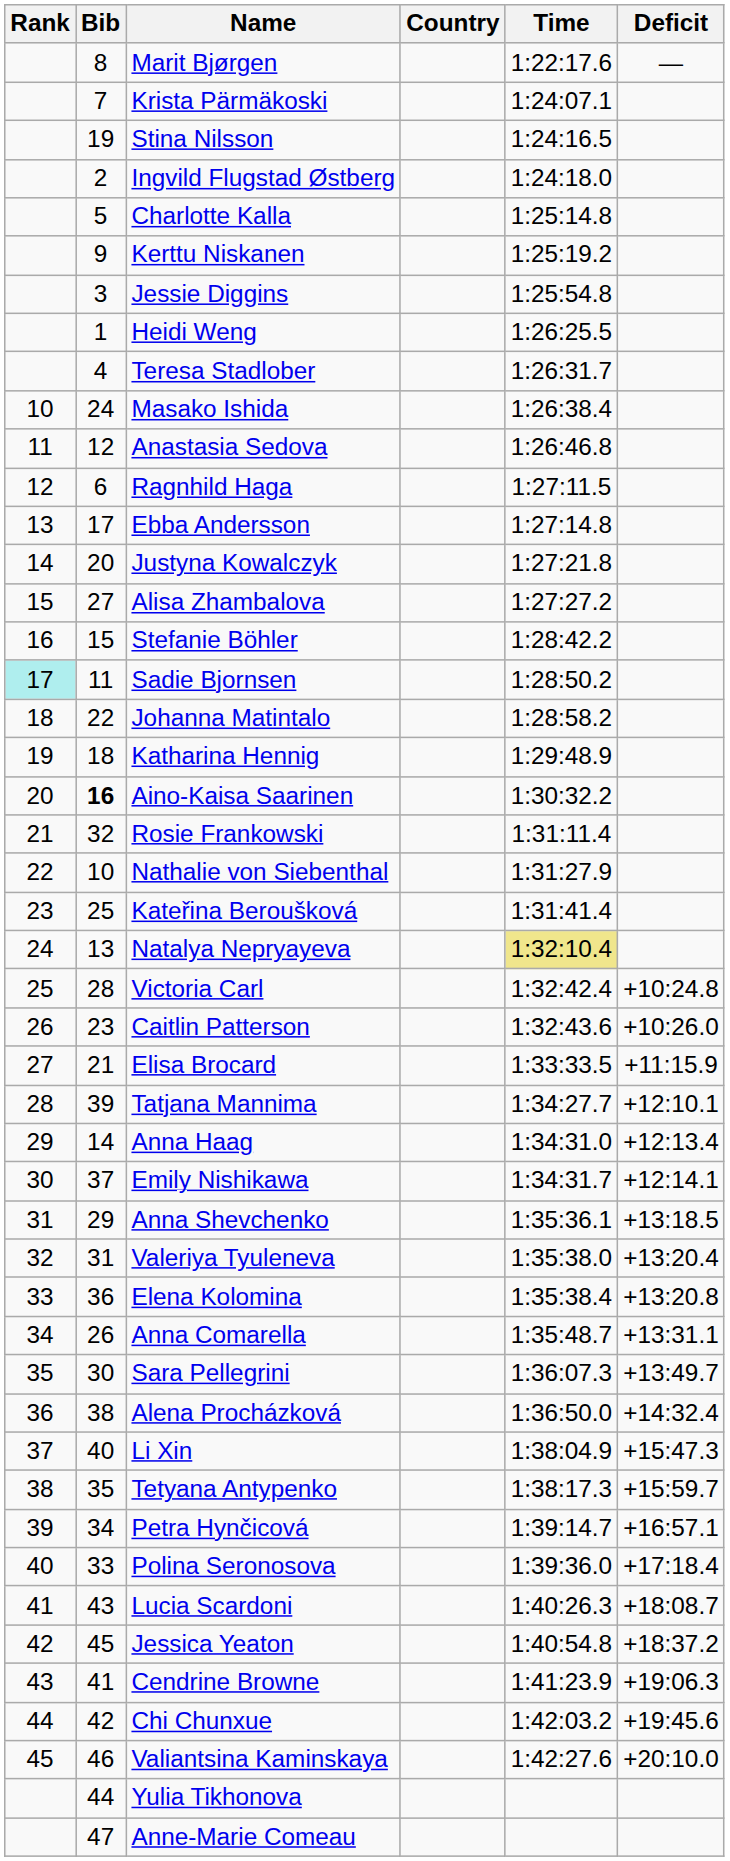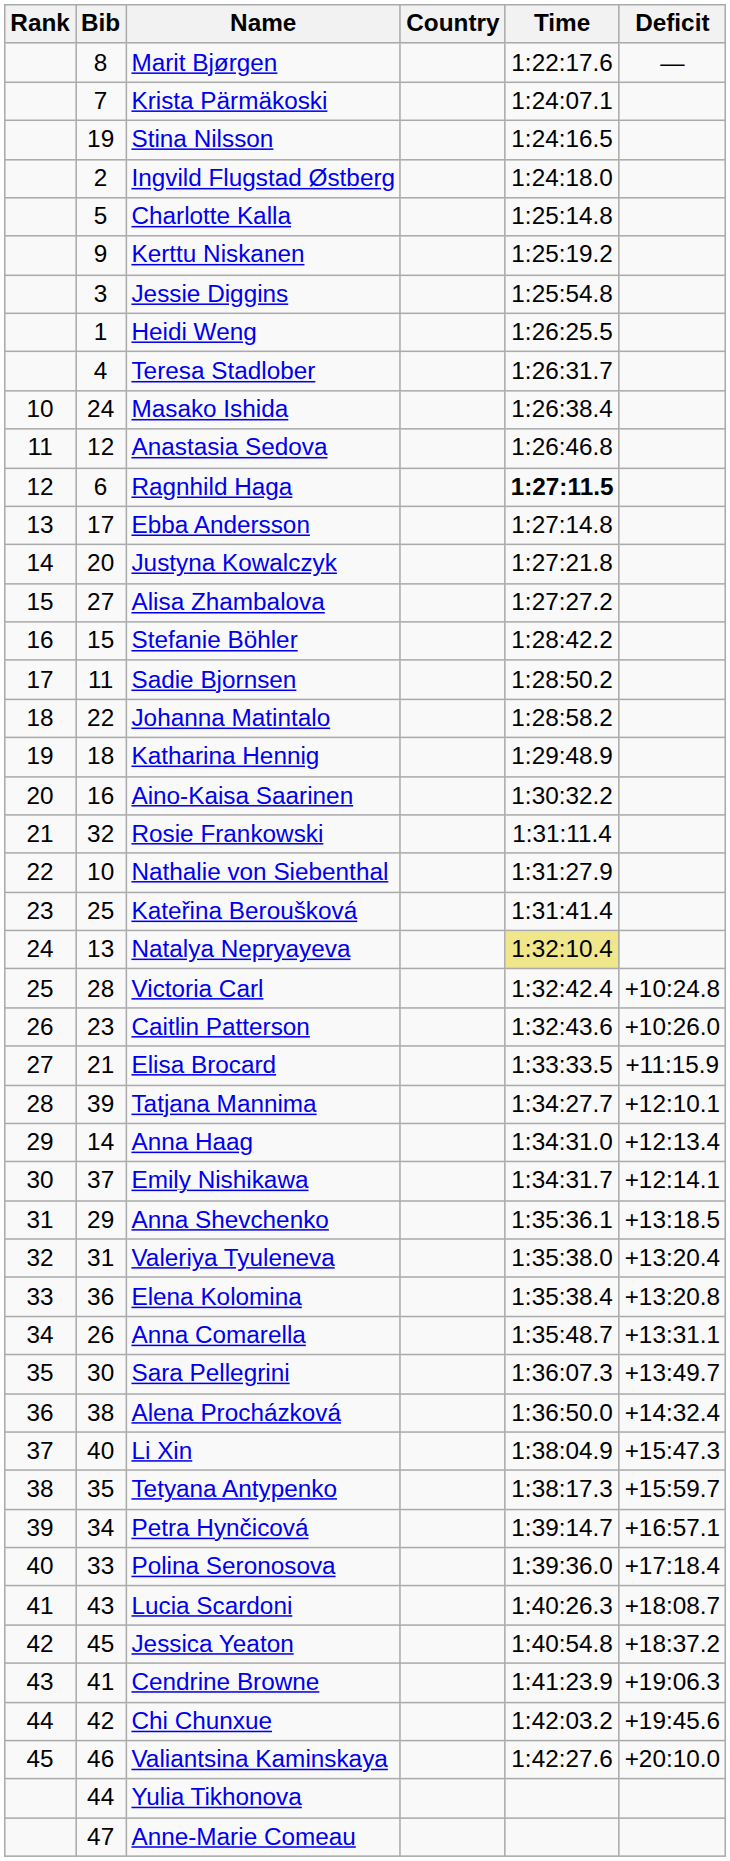 <table class="wikitable sortable" style="text-align:center">
 <tr>
 <th>Rank</th>
 <th>Bib</th>
 <th>Name</th>
 <th>Country</th>
 <th>Time</th>
 <th>Deficit</th>
 </tr>
 <tr>
 <td></td>
 <td>8</td>
 <td align="left"><a href='#'>Marit Bjørgen</a></td>
 <td align="left"></td>
 <td>1:22:17.6</td>
 <td>—</td>
 </tr>
 <tr>
 <td></td>
 <td>7</td>
 <td align="left"><a href='#'>Krista Pärmäkoski</a></td>
 <td align="left"></td>
 <td>1:24:07.1</td>
 <td></td>
 </tr>
 <tr>
 <td></td>
 <td>19</td>
 <td align="left"><a href='#'>Stina Nilsson</a></td>
 <td align="left"></td>
 <td>1:24:16.5</td>
 <td></td>
 </tr>
 <tr>
 <td></td>
 <td>2</td>
 <td align="left"><a href='#'>Ingvild Flugstad Østberg</a></td>
 <td align="left"></td>
 <td>1:24:18.0</td>
 <td></td>
 </tr>
 <tr>
 <td></td>
 <td>5</td>
 <td align="left"><a href='#'>Charlotte Kalla</a></td>
 <td align="left"></td>
 <td>1:25:14.8</td>
 <td></td>
 </tr>
 <tr>
 <td></td>
 <td>9</td>
 <td align="left"><a href='#'>Kerttu Niskanen</a></td>
 <td align="left"></td>
 <td>1:25:19.2</td>
 <td></td>
 </tr>
 <tr>
 <td></td>
 <td>3</td>
 <td align="left"><a href='#'>Jessie Diggins</a></td>
 <td align="left"></td>
 <td>1:25:54.8</td>
 <td></td>
 </tr>
 <tr>
 <td></td>
 <td>1</td>
 <td align="left"><a href='#'>Heidi Weng</a></td>
 <td align="left"></td>
 <td>1:26:25.5</td>
 <td></td>
 </tr>
 <tr>
 <td></td>
 <td>4</td>
 <td align="left"><a href='#'>Teresa Stadlober</a></td>
 <td align="left"></td>
 <td>1:26:31.7</td>
 <td></td>
 </tr>
 <tr>
 <td>10</td>
 <td>24</td>
 <td align="left"><a href='#'>Masako Ishida</a></td>
 <td align="left"></td>
 <td>1:26:38.4</td>
 <td></td>
 </tr>
 <tr>
 <td>11</td>
 <td>12</td>
 <td align="left"><a href='#'>Anastasia Sedova</a></td>
 <td align="left"></td>
 <td>1:26:46.8</td>
 <td></td>
 </tr>
 <tr>
 <td>12</td>
 <td>6</td>
 <td align="left"><a href='#'>Ragnhild Haga</a></td>
 <td align="left"></td>
-<td>1:27:11.5</td>
+<td><strong>1:27:11.5</strong></td>
 <td></td>
 </tr>
 <tr>
 <td>13</td>
 <td>17</td>
 <td align="left"><a href='#'>Ebba Andersson</a></td>
 <td align="left"></td>
 <td>1:27:14.8</td>
 <td></td>
 </tr>
 <tr>
 <td>14</td>
 <td>20</td>
 <td align="left"><a href='#'>Justyna Kowalczyk</a></td>
 <td align="left"></td>
 <td>1:27:21.8</td>
 <td></td>
 </tr>
 <tr>
 <td>15</td>
 <td>27</td>
 <td align="left"><a href='#'>Alisa Zhambalova</a></td>
 <td align="left"></td>
 <td>1:27:27.2</td>
 <td></td>
 </tr>
 <tr>
 <td>16</td>
 <td>15</td>
 <td align="left"><a href='#'>Stefanie Böhler</a></td>
 <td align="left"></td>
 <td>1:28:42.2</td>
 <td></td>
 </tr>
 <tr>
-<td style="background: paleturquoise;">17</td>
+<td>17</td>
 <td>11</td>
 <td align="left"><a href='#'>Sadie Bjornsen</a></td>
 <td align="left"></td>
 <td>1:28:50.2</td>
 <td></td>
 </tr>
 <tr>
 <td>18</td>
 <td>22</td>
 <td align="left"><a href='#'>Johanna Matintalo</a></td>
 <td align="left"></td>
 <td>1:28:58.2</td>
 <td></td>
 </tr>
 <tr>
 <td>19</td>
 <td>18</td>
 <td align="left"><a href='#'>Katharina Hennig</a></td>
 <td align="left"></td>
 <td>1:29:48.9</td>
 <td></td>
 </tr>
 <tr>
 <td>20</td>
-<td><strong>16</strong></td>
+<td>16</td>
 <td align="left"><a href='#'>Aino-Kaisa Saarinen</a></td>
 <td align="left"></td>
 <td>1:30:32.2</td>
 <td></td>
 </tr>
 <tr>
 <td>21</td>
 <td>32</td>
 <td align="left"><a href='#'>Rosie Frankowski</a></td>
 <td align="left"></td>
 <td>1:31:11.4</td>
 <td></td>
 </tr>
 <tr>
 <td>22</td>
 <td>10</td>
 <td align="left"><a href='#'>Nathalie von Siebenthal</a></td>
 <td align="left"></td>
 <td>1:31:27.9</td>
 <td></td>
 </tr>
 <tr>
 <td>23</td>
 <td>25</td>
 <td align="left"><a href='#'>Kateřina Beroušková</a></td>
 <td align="left"></td>
 <td>1:31:41.4</td>
 <td></td>
 </tr>
 <tr>
 <td>24</td>
 <td>13</td>
 <td align="left"><a href='#'>Natalya Nepryayeva</a></td>
 <td align="left"></td>
 <td style="background: khaki;">1:32:10.4</td>
 <td></td>
 </tr>
 <tr>
 <td>25</td>
 <td>28</td>
 <td align="left"><a href='#'>Victoria Carl</a></td>
 <td align="left"></td>
 <td>1:32:42.4</td>
 <td>+10:24.8</td>
 </tr>
 <tr>
 <td>26</td>
 <td>23</td>
 <td align="left"><a href='#'>Caitlin Patterson</a></td>
 <td align="left"></td>
 <td>1:32:43.6</td>
 <td>+10:26.0</td>
 </tr>
 <tr>
 <td>27</td>
 <td>21</td>
 <td align="left"><a href='#'>Elisa Brocard</a></td>
 <td align="left"></td>
 <td>1:33:33.5</td>
 <td>+11:15.9</td>
 </tr>
 <tr>
 <td>28</td>
 <td>39</td>
 <td align="left"><a href='#'>Tatjana Mannima</a></td>
 <td align="left"></td>
 <td>1:34:27.7</td>
 <td>+12:10.1</td>
 </tr>
 <tr>
 <td>29</td>
 <td>14</td>
 <td align="left"><a href='#'>Anna Haag</a></td>
 <td align="left"></td>
 <td>1:34:31.0</td>
 <td>+12:13.4</td>
 </tr>
 <tr>
 <td>30</td>
 <td>37</td>
 <td align="left"><a href='#'>Emily Nishikawa</a></td>
 <td align="left"></td>
 <td>1:34:31.7</td>
 <td>+12:14.1</td>
 </tr>
 <tr>
 <td>31</td>
 <td>29</td>
 <td align="left"><a href='#'>Anna Shevchenko</a></td>
 <td align="left"></td>
 <td>1:35:36.1</td>
 <td>+13:18.5</td>
 </tr>
 <tr>
 <td>32</td>
 <td>31</td>
 <td align="left"><a href='#'>Valeriya Tyuleneva</a></td>
 <td align="left"></td>
 <td>1:35:38.0</td>
 <td>+13:20.4</td>
 </tr>
 <tr>
 <td>33</td>
 <td>36</td>
 <td align="left"><a href='#'>Elena Kolomina</a></td>
 <td align="left"></td>
 <td>1:35:38.4</td>
 <td>+13:20.8</td>
 </tr>
 <tr>
 <td>34</td>
 <td>26</td>
 <td align="left"><a href='#'>Anna Comarella</a></td>
 <td align="left"></td>
 <td>1:35:48.7</td>
 <td>+13:31.1</td>
 </tr>
 <tr>
 <td>35</td>
 <td>30</td>
 <td align="left"><a href='#'>Sara Pellegrini</a></td>
 <td align="left"></td>
 <td>1:36:07.3</td>
 <td>+13:49.7</td>
 </tr>
 <tr>
 <td>36</td>
 <td>38</td>
 <td align="left"><a href='#'>Alena Procházková</a></td>
 <td align="left"></td>
 <td>1:36:50.0</td>
 <td>+14:32.4</td>
 </tr>
 <tr>
 <td>37</td>
 <td>40</td>
 <td align="left"><a href='#'>Li Xin</a></td>
 <td align="left"></td>
 <td>1:38:04.9</td>
 <td>+15:47.3</td>
 </tr>
 <tr>
 <td>38</td>
 <td>35</td>
 <td align="left"><a href='#'>Tetyana Antypenko</a></td>
 <td align="left"></td>
 <td>1:38:17.3</td>
 <td>+15:59.7</td>
 </tr>
 <tr>
 <td>39</td>
 <td>34</td>
 <td align="left"><a href='#'>Petra Hynčicová</a></td>
 <td align="left"></td>
 <td>1:39:14.7</td>
 <td>+16:57.1</td>
 </tr>
 <tr>
 <td>40</td>
 <td>33</td>
 <td align="left"><a href='#'>Polina Seronosova</a></td>
 <td align="left"></td>
 <td>1:39:36.0</td>
 <td>+17:18.4</td>
 </tr>
 <tr>
 <td>41</td>
 <td>43</td>
 <td align="left"><a href='#'>Lucia Scardoni</a></td>
 <td align="left"></td>
 <td>1:40:26.3</td>
 <td>+18:08.7</td>
 </tr>
 <tr>
 <td>42</td>
 <td>45</td>
 <td align="left"><a href='#'>Jessica Yeaton</a></td>
 <td align="left"></td>
 <td>1:40:54.8</td>
 <td>+18:37.2</td>
 </tr>
 <tr>
 <td>43</td>
 <td>41</td>
 <td align="left"><a href='#'>Cendrine Browne</a></td>
 <td align="left"></td>
 <td>1:41:23.9</td>
 <td>+19:06.3</td>
 </tr>
 <tr>
 <td>44</td>
 <td>42</td>
 <td align="left"><a href='#'>Chi Chunxue</a></td>
 <td align="left"></td>
 <td>1:42:03.2</td>
 <td>+19:45.6</td>
 </tr>
 <tr>
 <td>45</td>
 <td>46</td>
 <td align="left"><a href='#'>Valiantsina Kaminskaya</a></td>
 <td align="left"></td>
 <td>1:42:27.6</td>
 <td>+20:10.0</td>
 </tr>
 <tr>
 <td></td>
 <td>44</td>
 <td align="left"><a href='#'>Yulia Tikhonova</a></td>
 <td align="left"></td>
 <td></td>
 <td></td>
 </tr>
 <tr>
 <td></td>
 <td>47</td>
 <td align="left"><a href='#'>Anne-Marie Comeau</a></td>
 <td align="left"></td>
 <td></td>
 <td></td>
 </tr>
 </table>
